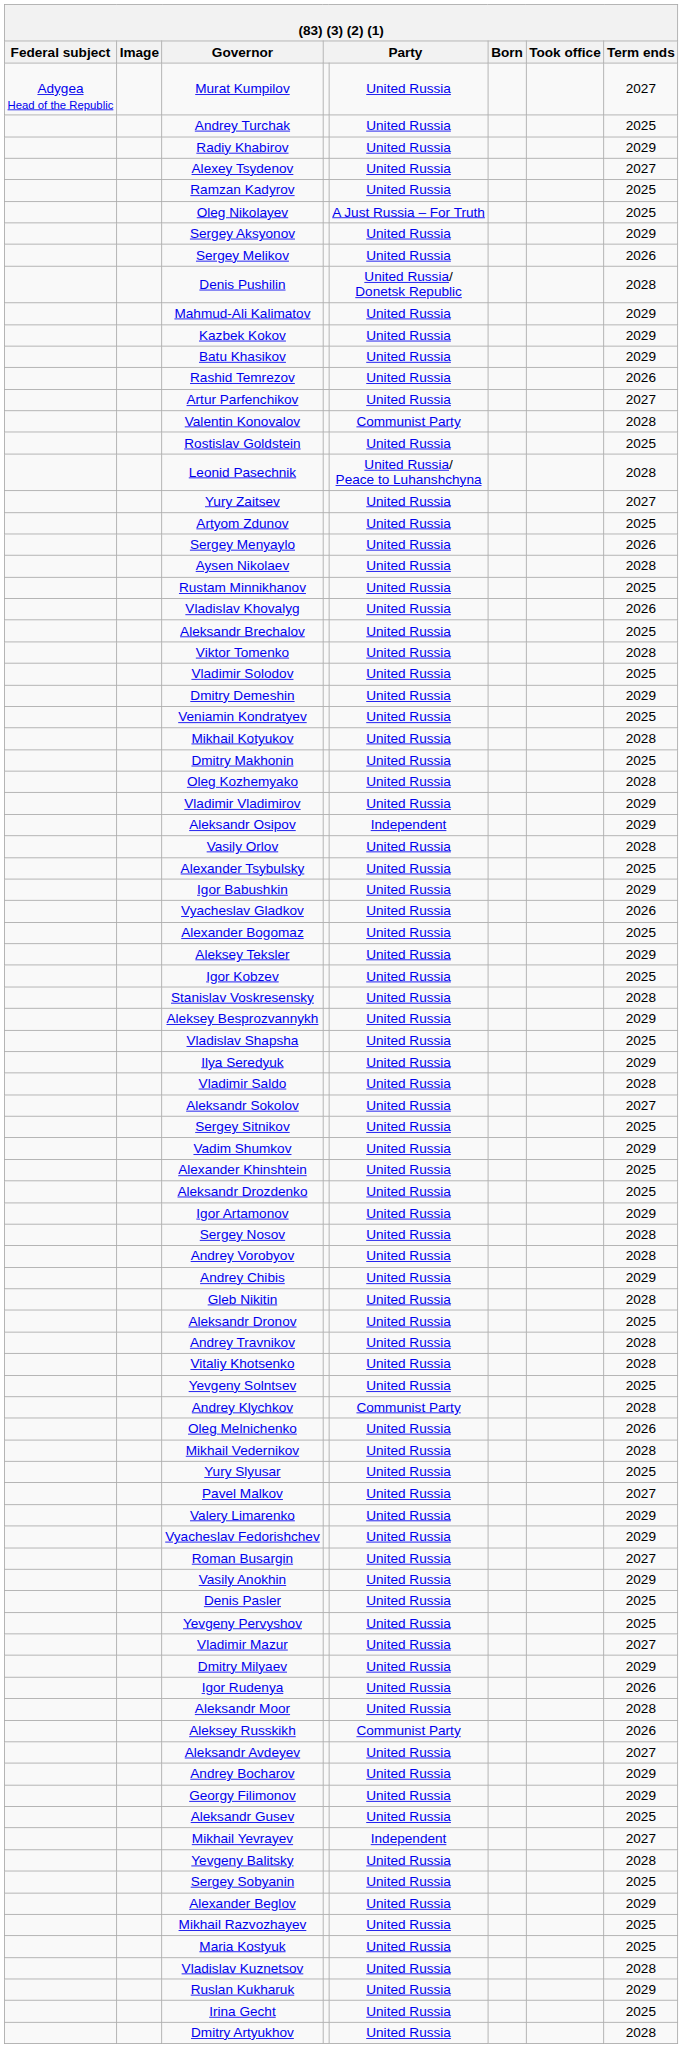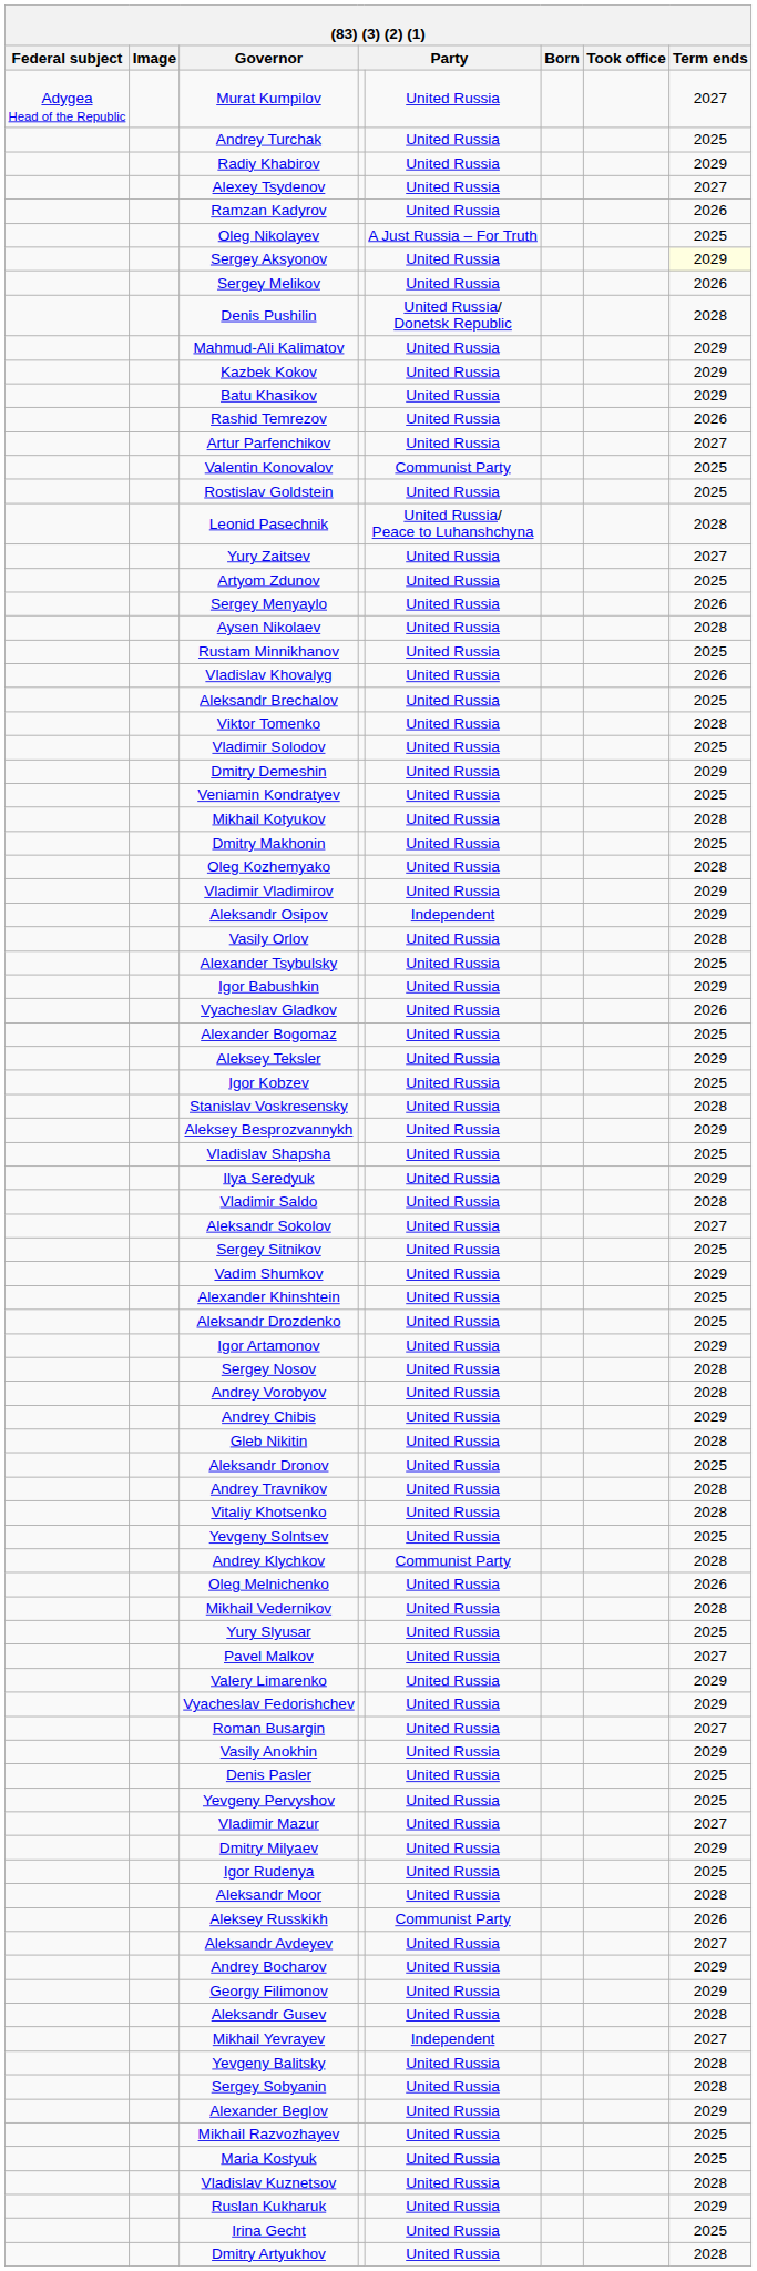 <table class="sortable wikitable" style="text-align:center;">
 <tr>
 <th colspan="11"><br> (83)  (3)  (2)  (1)</th>
 </tr>
 <tr>
 <th>Federal subject</th>
 <th>Image</th>
 <th>Governor</th>
 <th Colspan=2>Party</th>
 <th>Born</th>
 <th>Took office</th>
 <th>Term ends</th>
 </tr>
 <tr>
 <td><br><a href='#'>Adygea</a><br><small><a href='#'>Head of the Republic</a></small></td>
 <td></td>
 <td><a href='#'>Murat Kumpilov</a></td>
 <td style="background: "></td>
 <td><a href='#'>United Russia</a></td>
 <td></td>
 <td></td>
 <td>2027</td>
 </tr>
 <tr>
 <td></td>
 <td></td>
 <td><a href='#'>Andrey Turchak</a></td>
 <td style="background: "></td>
 <td><a href='#'>United Russia</a></td>
 <td></td>
 <td></td>
 <td>2025</td>
 </tr>
 <tr>
 <td></td>
 <td></td>
 <td><a href='#'>Radiy Khabirov</a></td>
 <td style="background: "></td>
 <td><a href='#'>United Russia</a></td>
 <td></td>
 <td></td>
 <td>2029</td>
 </tr>
 <tr>
 <td></td>
 <td></td>
 <td><a href='#'>Alexey Tsydenov</a></td>
 <td style="background: "></td>
 <td><a href='#'>United Russia</a></td>
 <td></td>
 <td></td>
 <td>2027</td>
 </tr>
 <tr>
 <td></td>
 <td></td>
 <td><a href='#'>Ramzan Kadyrov</a></td>
 <td style="background: "></td>
 <td><a href='#'>United Russia</a></td>
 <td></td>
 <td></td>
-<td>2025</td>
+<td>2026</td>
 </tr>
 <tr>
 <td></td>
 <td></td>
 <td><a href='#'>Oleg Nikolayev</a></td>
 <td style="background: "></td>
 <td><a href='#'>A Just Russia – For Truth</a></td>
 <td></td>
 <td></td>
 <td>2025</td>
 </tr>
 <tr>
 <td></td>
 <td></td>
 <td><a href='#'>Sergey Aksyonov</a></td>
 <td style="background: "></td>
 <td><a href='#'>United Russia</a></td>
 <td></td>
 <td></td>
-<td>2029</td>
+<td style="background: lightyellow;">2029</td>
 </tr>
 <tr>
 <td></td>
 <td></td>
 <td><a href='#'>Sergey Melikov</a></td>
 <td style="background: "></td>
 <td><a href='#'>United Russia</a></td>
 <td></td>
 <td></td>
 <td>2026</td>
 </tr>
 <tr>
 <td></td>
 <td></td>
 <td><a href='#'>Denis Pushilin</a></td>
 <td style="background: "></td>
 <td><a href='#'>United Russia</a>/<br><a href='#'>Donetsk Republic</a></td>
 <td></td>
 <td></td>
 <td>2028</td>
 </tr>
 <tr>
 <td></td>
 <td></td>
 <td><a href='#'>Mahmud-Ali Kalimatov</a></td>
 <td style="background: "></td>
 <td><a href='#'>United Russia</a></td>
 <td></td>
 <td></td>
 <td>2029</td>
 </tr>
 <tr>
 <td></td>
 <td></td>
 <td><a href='#'>Kazbek Kokov</a></td>
 <td style="background: "></td>
 <td><a href='#'>United Russia</a></td>
 <td></td>
 <td></td>
 <td>2029</td>
 </tr>
 <tr>
 <td></td>
 <td></td>
 <td><a href='#'>Batu Khasikov</a></td>
 <td style="background: "></td>
 <td><a href='#'>United Russia</a></td>
 <td></td>
 <td></td>
 <td>2029</td>
 </tr>
 <tr>
 <td></td>
 <td></td>
 <td><a href='#'>Rashid Temrezov</a></td>
 <td style="background: "></td>
 <td><a href='#'>United Russia</a></td>
 <td></td>
 <td></td>
 <td>2026</td>
 </tr>
 <tr>
 <td></td>
 <td></td>
 <td><a href='#'>Artur Parfenchikov</a></td>
 <td style="background: "></td>
 <td><a href='#'>United Russia</a></td>
 <td></td>
 <td></td>
 <td>2027</td>
 </tr>
 <tr>
 <td></td>
 <td></td>
 <td><a href='#'>Valentin Konovalov</a></td>
 <td style="background: "></td>
 <td><a href='#'>Communist Party</a></td>
 <td></td>
 <td></td>
-<td>2028</td>
+<td>2025</td>
 </tr>
 <tr>
 <td></td>
 <td></td>
 <td><a href='#'>Rostislav Goldstein</a></td>
 <td style="background: "></td>
 <td><a href='#'>United Russia</a></td>
 <td></td>
 <td></td>
 <td>2025</td>
 </tr>
 <tr>
 <td></td>
 <td></td>
 <td><a href='#'>Leonid Pasechnik</a></td>
 <td style="background: "></td>
 <td><a href='#'>United Russia</a>/<br><a href='#'>Peace to Luhanshchyna</a></td>
 <td></td>
 <td></td>
 <td>2028</td>
 </tr>
 <tr>
 <td></td>
 <td></td>
 <td><a href='#'>Yury Zaitsev</a></td>
 <td style="background: "></td>
 <td><a href='#'>United Russia</a></td>
 <td></td>
 <td></td>
 <td>2027</td>
 </tr>
 <tr>
 <td></td>
 <td></td>
 <td><a href='#'>Artyom Zdunov</a></td>
 <td style="background: "></td>
 <td><a href='#'>United Russia</a></td>
 <td></td>
 <td></td>
 <td>2025</td>
 </tr>
 <tr>
 <td></td>
 <td></td>
 <td><a href='#'>Sergey Menyaylo</a></td>
 <td style="background: "></td>
 <td><a href='#'>United Russia</a></td>
 <td></td>
 <td></td>
 <td>2026</td>
 </tr>
 <tr>
 <td></td>
 <td></td>
 <td><a href='#'>Aysen Nikolaev</a></td>
 <td style="background: "></td>
 <td><a href='#'>United Russia</a></td>
 <td></td>
 <td></td>
 <td>2028</td>
 </tr>
 <tr>
 <td></td>
 <td></td>
 <td><a href='#'>Rustam Minnikhanov</a></td>
 <td style="background: "></td>
 <td><a href='#'>United Russia</a></td>
 <td></td>
 <td></td>
 <td>2025</td>
 </tr>
 <tr>
 <td></td>
 <td></td>
 <td><a href='#'>Vladislav Khovalyg</a></td>
 <td style="background: "></td>
 <td><a href='#'>United Russia</a></td>
 <td></td>
 <td></td>
 <td>2026</td>
 </tr>
 <tr>
 <td></td>
 <td></td>
 <td><a href='#'>Aleksandr Brechalov</a></td>
 <td style="background: "></td>
 <td><a href='#'>United Russia</a></td>
 <td></td>
 <td></td>
 <td>2025</td>
 </tr>
 <tr>
 <td></td>
 <td></td>
 <td><a href='#'>Viktor Tomenko</a></td>
 <td style="background: "></td>
 <td><a href='#'>United Russia</a></td>
 <td></td>
 <td></td>
 <td>2028</td>
 </tr>
 <tr>
 <td></td>
 <td></td>
 <td><a href='#'>Vladimir Solodov</a></td>
 <td style="background: "></td>
 <td><a href='#'>United Russia</a></td>
 <td></td>
 <td></td>
 <td>2025</td>
 </tr>
 <tr>
 <td></td>
 <td></td>
 <td><a href='#'>Dmitry Demeshin</a></td>
 <td style="background: "></td>
 <td><a href='#'>United Russia</a></td>
 <td></td>
 <td></td>
 <td>2029</td>
 </tr>
 <tr>
 <td></td>
 <td></td>
 <td><a href='#'>Veniamin Kondratyev</a></td>
 <td style="background: "></td>
 <td><a href='#'>United Russia</a></td>
 <td></td>
 <td></td>
 <td>2025</td>
 </tr>
 <tr>
 <td></td>
 <td></td>
 <td><a href='#'>Mikhail Kotyukov</a></td>
 <td style="background: "></td>
 <td><a href='#'>United Russia</a></td>
 <td></td>
 <td></td>
 <td>2028</td>
 </tr>
 <tr>
 <td></td>
 <td></td>
 <td><a href='#'>Dmitry Makhonin</a></td>
 <td style="background: "></td>
 <td><a href='#'>United Russia</a></td>
 <td></td>
 <td></td>
 <td>2025</td>
 </tr>
 <tr>
 <td></td>
 <td></td>
 <td><a href='#'>Oleg Kozhemyako</a></td>
 <td style="background: "></td>
 <td><a href='#'>United Russia</a></td>
 <td></td>
 <td></td>
 <td>2028</td>
 </tr>
 <tr>
 <td></td>
 <td></td>
 <td><a href='#'>Vladimir Vladimirov</a></td>
 <td style="background: "></td>
 <td><a href='#'>United Russia</a></td>
 <td></td>
 <td></td>
 <td>2029</td>
 </tr>
 <tr>
 <td></td>
 <td></td>
 <td><a href='#'>Aleksandr Osipov</a></td>
 <td style="background: "></td>
 <td><a href='#'>Independent</a></td>
 <td></td>
 <td></td>
 <td>2029</td>
 </tr>
 <tr>
 <td></td>
 <td></td>
 <td><a href='#'>Vasily Orlov</a></td>
 <td style="background: "></td>
 <td><a href='#'>United Russia</a></td>
 <td></td>
 <td></td>
 <td>2028</td>
 </tr>
 <tr>
 <td></td>
 <td></td>
 <td><a href='#'>Alexander Tsybulsky</a></td>
 <td style="background: "></td>
 <td><a href='#'>United Russia</a></td>
 <td></td>
 <td></td>
 <td>2025</td>
 </tr>
 <tr>
 <td></td>
 <td></td>
 <td><a href='#'>Igor Babushkin</a></td>
 <td style="background: "></td>
 <td><a href='#'>United Russia</a></td>
 <td></td>
 <td></td>
 <td>2029</td>
 </tr>
 <tr>
 <td></td>
 <td></td>
 <td><a href='#'>Vyacheslav Gladkov</a></td>
 <td style="background: "></td>
 <td><a href='#'>United Russia</a></td>
 <td></td>
 <td></td>
 <td>2026</td>
 </tr>
 <tr>
 <td></td>
 <td></td>
 <td><a href='#'>Alexander Bogomaz</a></td>
 <td style="background: "></td>
 <td><a href='#'>United Russia</a></td>
 <td></td>
 <td></td>
 <td>2025</td>
 </tr>
 <tr>
 <td></td>
 <td></td>
 <td><a href='#'>Aleksey Teksler</a></td>
 <td style="background: "></td>
 <td><a href='#'>United Russia</a></td>
 <td></td>
 <td></td>
 <td>2029</td>
 </tr>
 <tr>
 <td></td>
 <td></td>
 <td><a href='#'>Igor Kobzev</a></td>
 <td style="background: "></td>
 <td><a href='#'>United Russia</a></td>
 <td></td>
 <td></td>
 <td>2025</td>
 </tr>
 <tr>
 <td></td>
 <td></td>
 <td><a href='#'>Stanislav Voskresensky</a></td>
 <td style="background: "></td>
 <td><a href='#'>United Russia</a></td>
 <td></td>
 <td></td>
 <td>2028</td>
 </tr>
 <tr>
 <td></td>
 <td></td>
 <td><a href='#'>Aleksey Besprozvannykh</a></td>
 <td style="background: "></td>
 <td><a href='#'>United Russia</a></td>
 <td></td>
 <td></td>
 <td>2029</td>
 </tr>
 <tr>
 <td></td>
 <td></td>
 <td><a href='#'>Vladislav Shapsha</a></td>
 <td style="background: "></td>
 <td><a href='#'>United Russia</a></td>
 <td></td>
 <td></td>
 <td>2025</td>
 </tr>
 <tr>
 <td></td>
 <td></td>
 <td><a href='#'>Ilya Seredyuk</a></td>
 <td style="background: "></td>
 <td><a href='#'>United Russia</a></td>
 <td></td>
 <td></td>
 <td>2029</td>
 </tr>
 <tr>
 <td></td>
 <td></td>
 <td><a href='#'>Vladimir Saldo</a></td>
 <td style="background: "></td>
 <td><a href='#'>United Russia</a></td>
 <td></td>
 <td></td>
 <td>2028</td>
 </tr>
 <tr>
 <td></td>
 <td></td>
 <td><a href='#'>Aleksandr Sokolov</a></td>
 <td style="background: "></td>
 <td><a href='#'>United Russia</a></td>
 <td></td>
 <td></td>
 <td>2027</td>
 </tr>
 <tr>
 <td></td>
 <td></td>
 <td><a href='#'>Sergey Sitnikov</a></td>
 <td style="background: "></td>
 <td><a href='#'>United Russia</a></td>
 <td></td>
 <td></td>
 <td>2025</td>
 </tr>
 <tr>
 <td></td>
 <td></td>
 <td><a href='#'>Vadim Shumkov</a></td>
 <td style="background: "></td>
 <td><a href='#'>United Russia</a></td>
 <td></td>
 <td></td>
 <td>2029</td>
 </tr>
 <tr>
 <td></td>
 <td></td>
 <td><a href='#'>Alexander Khinshtein</a></td>
 <td style="background: "></td>
 <td><a href='#'>United Russia</a></td>
 <td></td>
 <td></td>
 <td>2025</td>
 </tr>
 <tr>
 <td></td>
 <td></td>
 <td><a href='#'>Aleksandr Drozdenko</a></td>
 <td style="background: "></td>
 <td><a href='#'>United Russia</a></td>
 <td></td>
 <td></td>
 <td>2025</td>
 </tr>
 <tr>
 <td></td>
 <td></td>
 <td><a href='#'>Igor Artamonov</a></td>
 <td style="background: "></td>
 <td><a href='#'>United Russia</a></td>
 <td></td>
 <td></td>
 <td>2029</td>
 </tr>
 <tr>
 <td></td>
 <td></td>
 <td><a href='#'>Sergey Nosov</a></td>
 <td style="background: "></td>
 <td><a href='#'>United Russia</a></td>
 <td></td>
 <td></td>
 <td>2028</td>
 </tr>
 <tr>
 <td></td>
 <td></td>
 <td><a href='#'>Andrey Vorobyov</a></td>
 <td style="background: "></td>
 <td><a href='#'>United Russia</a></td>
 <td></td>
 <td></td>
 <td>2028</td>
 </tr>
 <tr>
 <td></td>
 <td></td>
 <td><a href='#'>Andrey Chibis</a></td>
 <td style="background: "></td>
 <td><a href='#'>United Russia</a></td>
 <td></td>
 <td></td>
 <td>2029</td>
 </tr>
 <tr>
 <td></td>
 <td></td>
 <td><a href='#'>Gleb Nikitin</a></td>
 <td style="background: "></td>
 <td><a href='#'>United Russia</a></td>
 <td></td>
 <td></td>
 <td>2028</td>
 </tr>
 <tr>
 <td></td>
 <td></td>
 <td><a href='#'>Aleksandr Dronov</a></td>
 <td style="background: "></td>
 <td><a href='#'>United Russia</a></td>
 <td></td>
 <td></td>
 <td>2025</td>
 </tr>
 <tr>
 <td></td>
 <td></td>
 <td><a href='#'>Andrey Travnikov</a></td>
 <td style="background: "></td>
 <td><a href='#'>United Russia</a></td>
 <td></td>
 <td></td>
 <td>2028</td>
 </tr>
 <tr>
 <td></td>
 <td></td>
 <td><a href='#'>Vitaliy Khotsenko</a></td>
 <td style="background: "></td>
 <td><a href='#'>United Russia</a></td>
 <td></td>
 <td></td>
 <td>2028</td>
 </tr>
 <tr>
 <td></td>
 <td></td>
 <td><a href='#'>Yevgeny Solntsev</a></td>
 <td style="background: "></td>
 <td><a href='#'>United Russia</a></td>
 <td></td>
 <td></td>
 <td>2025</td>
 </tr>
 <tr>
 <td></td>
 <td></td>
 <td><a href='#'>Andrey Klychkov</a></td>
 <td style="background: "></td>
 <td><a href='#'>Communist Party</a></td>
 <td></td>
 <td></td>
 <td>2028</td>
 </tr>
 <tr>
 <td></td>
 <td></td>
 <td><a href='#'>Oleg Melnichenko</a></td>
 <td style="background: "></td>
 <td><a href='#'>United Russia</a></td>
 <td></td>
 <td></td>
 <td>2026</td>
 </tr>
 <tr>
 <td></td>
 <td></td>
 <td><a href='#'>Mikhail Vedernikov</a></td>
 <td style="background: "></td>
 <td><a href='#'>United Russia</a></td>
 <td></td>
 <td></td>
 <td>2028</td>
 </tr>
 <tr>
 <td></td>
 <td></td>
 <td><a href='#'>Yury Slyusar</a></td>
 <td style="background: "></td>
 <td><a href='#'>United Russia</a></td>
 <td></td>
 <td></td>
 <td>2025</td>
 </tr>
 <tr>
 <td></td>
 <td></td>
 <td><a href='#'>Pavel Malkov</a></td>
 <td style="background: "></td>
 <td><a href='#'>United Russia</a></td>
 <td></td>
 <td></td>
 <td>2027</td>
 </tr>
 <tr>
 <td></td>
 <td></td>
 <td><a href='#'>Valery Limarenko</a></td>
 <td style="background: "></td>
 <td><a href='#'>United Russia</a></td>
 <td></td>
 <td></td>
 <td>2029</td>
 </tr>
 <tr>
 <td></td>
 <td></td>
 <td><a href='#'>Vyacheslav Fedorishchev</a></td>
 <td style="background: "></td>
 <td><a href='#'>United Russia</a></td>
 <td></td>
 <td></td>
 <td>2029</td>
 </tr>
 <tr>
 <td></td>
 <td></td>
 <td><a href='#'>Roman Busargin</a></td>
 <td style="background: "></td>
 <td><a href='#'>United Russia</a></td>
 <td></td>
 <td></td>
 <td>2027</td>
 </tr>
 <tr>
 <td></td>
 <td></td>
 <td><a href='#'>Vasily Anokhin</a></td>
 <td style="background: "></td>
 <td><a href='#'>United Russia</a></td>
 <td></td>
 <td></td>
 <td>2029</td>
 </tr>
 <tr>
 <td></td>
 <td></td>
 <td><a href='#'>Denis Pasler</a></td>
 <td style="background: "></td>
 <td><a href='#'>United Russia</a></td>
 <td></td>
 <td></td>
 <td>2025</td>
 </tr>
 <tr>
 <td></td>
 <td></td>
 <td><a href='#'>Yevgeny Pervyshov</a></td>
 <td style="background: "></td>
 <td><a href='#'>United Russia</a></td>
 <td></td>
 <td></td>
 <td>2025</td>
 </tr>
 <tr>
 <td></td>
 <td></td>
 <td><a href='#'>Vladimir Mazur</a></td>
 <td style="background: "></td>
 <td><a href='#'>United Russia</a></td>
 <td></td>
 <td></td>
 <td>2027</td>
 </tr>
 <tr>
 <td></td>
 <td></td>
 <td><a href='#'>Dmitry Milyaev</a></td>
 <td style="background: "></td>
 <td><a href='#'>United Russia</a></td>
 <td></td>
 <td></td>
 <td>2029</td>
 </tr>
 <tr>
 <td></td>
 <td></td>
 <td><a href='#'>Igor Rudenya</a></td>
 <td style="background: "></td>
 <td><a href='#'>United Russia</a></td>
 <td></td>
 <td></td>
-<td>2026</td>
+<td>2025</td>
 </tr>
 <tr>
 <td></td>
 <td></td>
 <td><a href='#'>Aleksandr Moor</a></td>
 <td style="background: "></td>
 <td><a href='#'>United Russia</a></td>
 <td></td>
 <td></td>
 <td>2028</td>
 </tr>
 <tr>
 <td></td>
 <td></td>
 <td><a href='#'>Aleksey Russkikh</a></td>
 <td style="background: "></td>
 <td><a href='#'>Communist Party</a></td>
 <td></td>
 <td></td>
 <td>2026</td>
 </tr>
 <tr>
 <td></td>
 <td></td>
 <td><a href='#'>Aleksandr Avdeyev</a></td>
 <td style="background: "></td>
 <td><a href='#'>United Russia</a></td>
 <td></td>
 <td></td>
 <td>2027</td>
 </tr>
 <tr>
 <td></td>
 <td></td>
 <td><a href='#'>Andrey Bocharov</a></td>
 <td style="background: "></td>
 <td><a href='#'>United Russia</a></td>
 <td></td>
 <td></td>
 <td>2029</td>
 </tr>
 <tr>
 <td></td>
 <td></td>
 <td><a href='#'>Georgy Filimonov</a></td>
 <td style="background: "></td>
 <td><a href='#'>United Russia</a></td>
 <td></td>
 <td></td>
 <td>2029</td>
 </tr>
 <tr>
 <td></td>
 <td></td>
 <td><a href='#'>Aleksandr Gusev</a></td>
 <td style="background: "></td>
 <td><a href='#'>United Russia</a></td>
 <td></td>
 <td></td>
-<td>2025</td>
+<td>2028</td>
 </tr>
 <tr>
 <td></td>
 <td></td>
 <td><a href='#'>Mikhail Yevrayev</a></td>
 <td style="background: "></td>
 <td><a href='#'>Independent</a></td>
 <td></td>
 <td></td>
 <td>2027</td>
 </tr>
 <tr>
 <td></td>
 <td></td>
 <td><a href='#'>Yevgeny Balitsky</a></td>
 <td style="background: "></td>
 <td><a href='#'>United Russia</a></td>
 <td></td>
 <td></td>
 <td>2028</td>
 </tr>
 <tr>
 <td></td>
 <td></td>
 <td><a href='#'>Sergey Sobyanin</a></td>
 <td style="background: "></td>
 <td><a href='#'>United Russia</a></td>
 <td></td>
 <td></td>
-<td>2025</td>
+<td>2028</td>
 </tr>
 <tr>
 <td></td>
 <td></td>
 <td><a href='#'>Alexander Beglov</a></td>
 <td style="background: "></td>
 <td><a href='#'>United Russia</a></td>
 <td></td>
 <td></td>
 <td>2029</td>
 </tr>
 <tr>
 <td></td>
 <td></td>
 <td><a href='#'>Mikhail Razvozhayev</a></td>
 <td style="background: "></td>
 <td><a href='#'>United Russia</a></td>
 <td></td>
 <td></td>
 <td>2025</td>
 </tr>
 <tr>
 <td></td>
 <td></td>
 <td><a href='#'>Maria Kostyuk</a></td>
 <td style="background: "></td>
 <td><a href='#'>United Russia</a></td>
 <td></td>
 <td></td>
 <td>2025</td>
 </tr>
 <tr>
 <td></td>
 <td></td>
 <td><a href='#'>Vladislav Kuznetsov</a></td>
 <td style="background: "></td>
 <td><a href='#'>United Russia</a></td>
 <td></td>
 <td></td>
 <td>2028</td>
 </tr>
 <tr>
 <td></td>
 <td></td>
 <td><a href='#'>Ruslan Kukharuk</a></td>
 <td style="background: "></td>
 <td><a href='#'>United Russia</a></td>
 <td></td>
 <td></td>
 <td>2029</td>
 </tr>
 <tr>
 <td></td>
 <td></td>
 <td><a href='#'>Irina Gecht</a></td>
 <td style="background: "></td>
 <td><a href='#'>United Russia</a></td>
 <td></td>
 <td></td>
 <td>2025</td>
 </tr>
 <tr>
 <td></td>
 <td></td>
 <td><a href='#'>Dmitry Artyukhov</a></td>
 <td style="background: "></td>
 <td><a href='#'>United Russia</a></td>
 <td></td>
 <td></td>
 <td>2028</td>
 </tr>
 </table>
